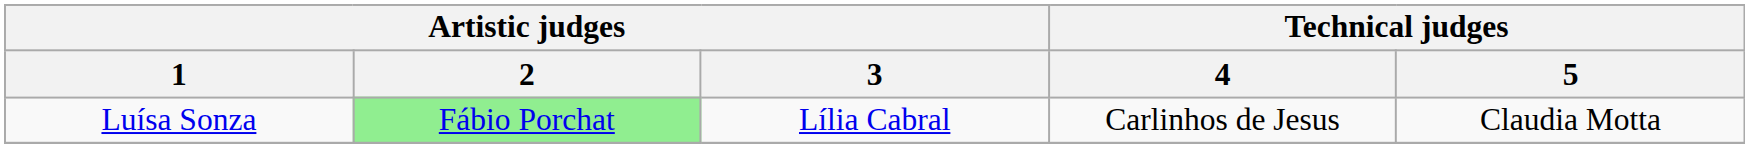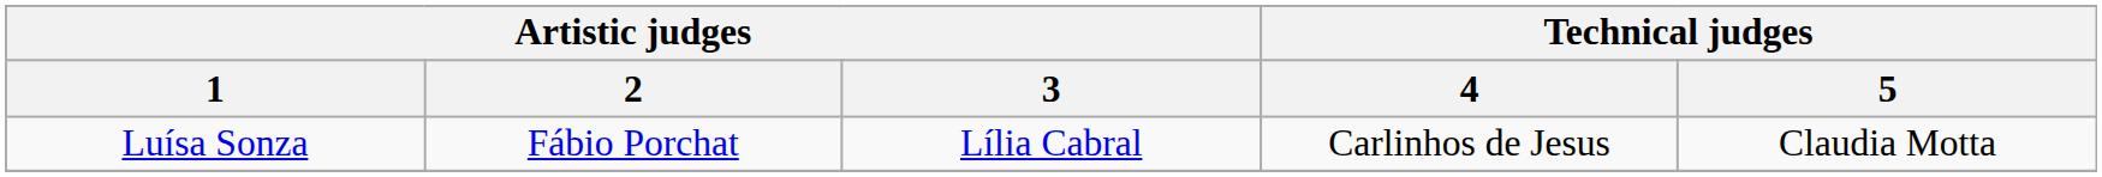 <table class="wikitable" style="font-size:100%; line-height:16px; text-align:center" width="100%">
 <tr TBA>
 <th colspan=3>Artistic judges</th>
 <th colspan=2>Technical judges</th>
 </tr>
 <tr>
 <th width="20.0%">1</th>
 <th width="20.0%">2</th>
 <th width="20.0%">3</th>
 <th width="20.0%">4</th>
 <th width="20.0%">5</th>
 </tr>
 <tr>
 <td><a href='#'>Luísa Sonza</a></td>
-<td style="background: lightgreen;"><a href='#'>Fábio Porchat</a></td>
+<td><a href='#'>Fábio Porchat</a></td>
 <td><a href='#'>Lília Cabral</a></td>
 <td>Carlinhos de Jesus</td>
 <td>Claudia Motta</td>
 </tr>
 <tr>
 </tr>
 </table>
